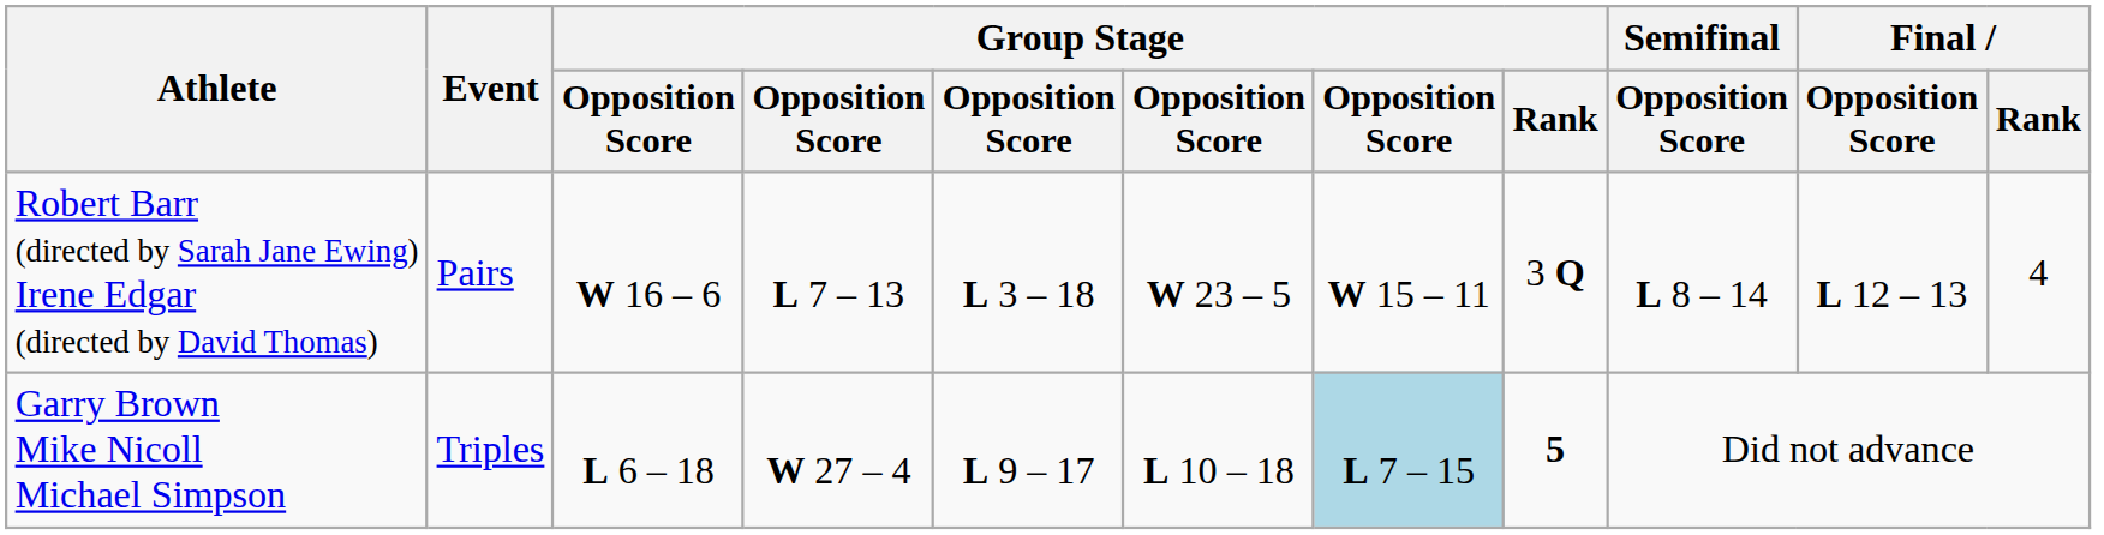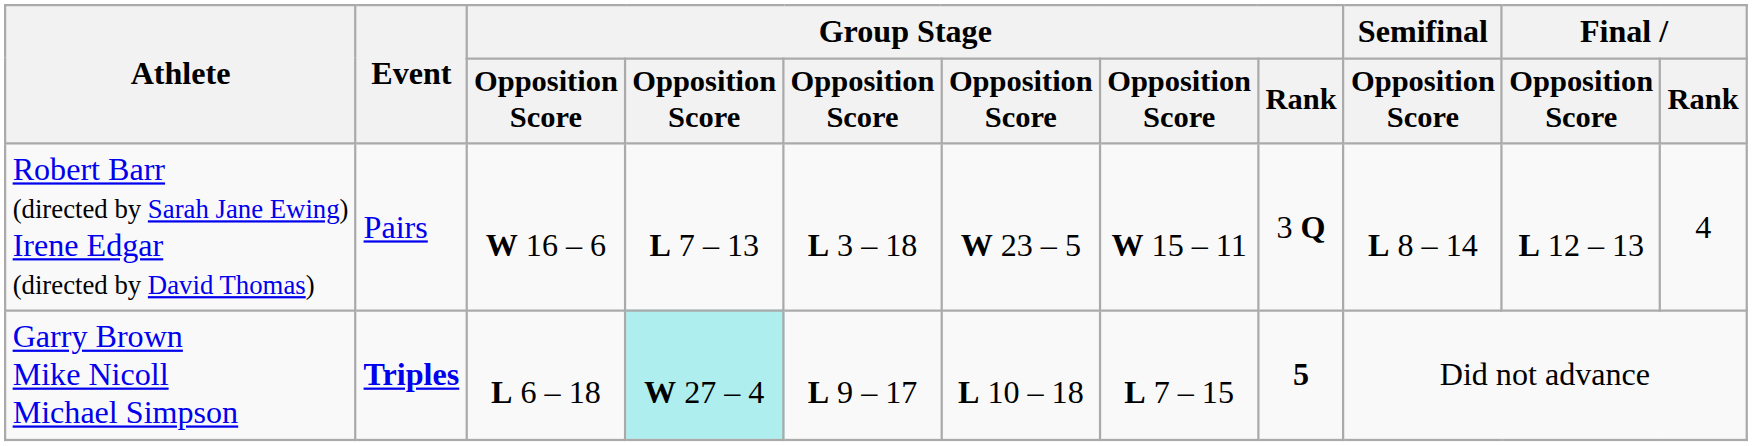 <table class="wikitable" style="font-size:90%;">
 <tr>
 <th rowspan=2>Athlete</th>
 <th rowspan=2>Event</th>
 <th colspan=6>Group Stage</th>
 <th>Semifinal</th>
 <th colspan=2>Final / </th>
 </tr>
 <tr style="font-size:95%">
 <th>Opposition<br>Score</th>
 <th>Opposition<br>Score</th>
 <th>Opposition<br>Score</th>
 <th>Opposition<br>Score</th>
 <th>Opposition<br>Score</th>
 <th>Rank</th>
 <th>Opposition<br>Score</th>
 <th>Opposition<br>Score</th>
 <th>Rank</th>
 </tr>
 <tr align=center>
 <td align=left><a href='#'>Robert Barr</a><br><small>(directed by <a href='#'>Sarah Jane Ewing</a>)</small><br><a href='#'>Irene Edgar</a><br><small>(directed by <a href='#'>David Thomas</a>)</small></td>
 <td align=left><a href='#'>Pairs</a></td>
 <td><br><strong>W</strong> 16 – 6</td>
 <td><br><strong>L</strong> 7 – 13</td>
 <td><br><strong>L</strong> 3 – 18</td>
 <td><br><strong>W</strong> 23 – 5</td>
 <td><br><strong>W</strong> 15 – 11</td>
 <td>3 <strong>Q</strong></td>
 <td><br> <strong>L</strong> 8 – 14</td>
 <td><br><strong>L</strong> 12 – 13</td>
 <td>4</td>
 </tr>
 <tr align=center>
 <td align=left><a href='#'>Garry Brown</a><br><a href='#'>Mike Nicoll</a><br><a href='#'>Michael Simpson</a></td>
-<td align=left><a href='#'>Triples</a></td>
+<td align=left><strong><a href='#'>Triples</a></strong></td>
 <td><br><strong>L</strong> 6 – 18</td>
-<td><br><strong>W</strong> 27 – 4</td>
+<td style="background: paleturquoise;"><br><strong>W</strong> 27 – 4</td>
 <td><br><strong>L</strong> 9 – 17</td>
 <td><br><strong>L</strong> 10 – 18</td>
-<td style="background: lightblue;"><br><strong>L</strong> 7 – 15</td>
+<td><br><strong>L</strong> 7 – 15</td>
 <td><strong>5</strong></td>
 <td colspan=3>Did not advance</td>
 </tr>
 </table>
